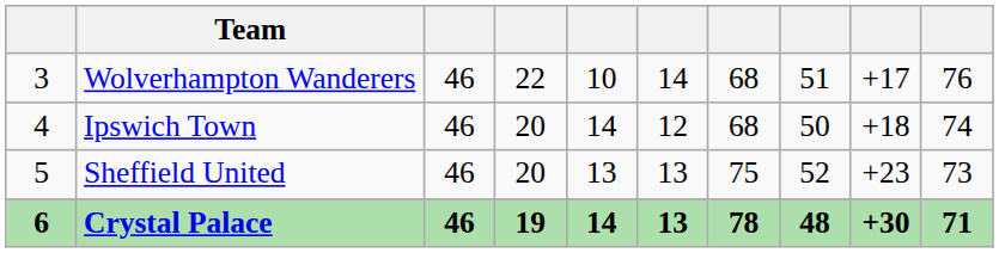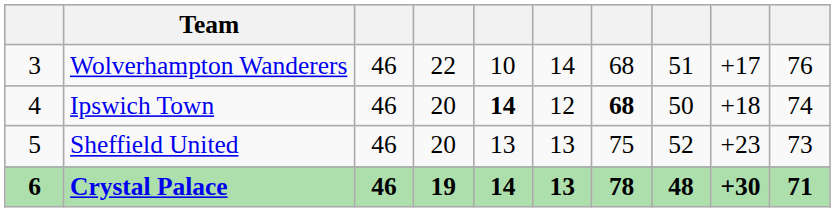 <table class="wikitable" style="text-align:center">
 <tr>
 <th width="30"></th>
 <th width="175">Team</th>
 <th width="30"></th>
 <th width="30"></th>
 <th width="30"></th>
 <th width="30"></th>
 <th width="30"></th>
 <th width="30"></th>
 <th width="30"></th>
 <th width="30"></th>
 </tr>
 <tr>
 <td>3</td>
 <td align=left><a href='#'>Wolverhampton Wanderers</a></td>
 <td>46</td>
 <td>22</td>
 <td>10</td>
 <td>14</td>
 <td>68</td>
 <td>51</td>
 <td>+17</td>
 <td>76</td>
 </tr>
 <tr>
 <td>4</td>
 <td align=left><a href='#'>Ipswich Town</a></td>
 <td>46</td>
 <td>20</td>
-<td>14</td>
+<td><strong>14</strong></td>
 <td>12</td>
-<td>68</td>
+<td><strong>68</strong></td>
 <td>50</td>
 <td>+18</td>
 <td>74</td>
 </tr>
 <tr>
 <td>5</td>
 <td align=left><a href='#'>Sheffield United</a></td>
 <td>46</td>
 <td>20</td>
 <td>13</td>
 <td>13</td>
 <td>75</td>
 <td>52</td>
 <td>+23</td>
 <td>73</td>
 </tr>
 <tr style="background:#addfad;">
 <td><strong>6</strong></td>
 <td align=left><strong><a href='#'>Crystal Palace</a></strong></td>
 <td><strong>46</strong></td>
 <td><strong>19</strong></td>
 <td><strong>14</strong></td>
 <td><strong>13</strong></td>
 <td><strong>78</strong></td>
 <td><strong>48</strong></td>
 <td><strong>+30</strong></td>
 <td><strong>71</strong></td>
 </tr>
 </table>
